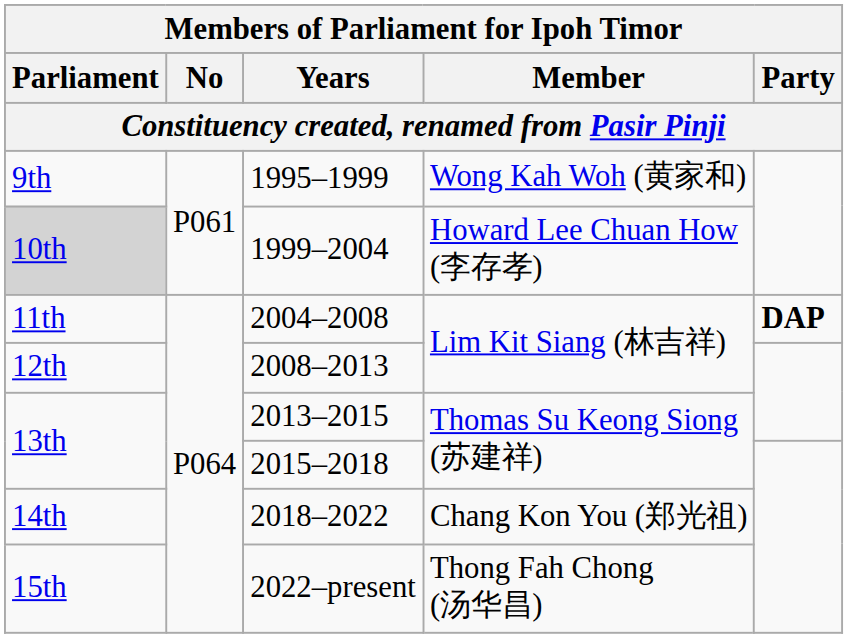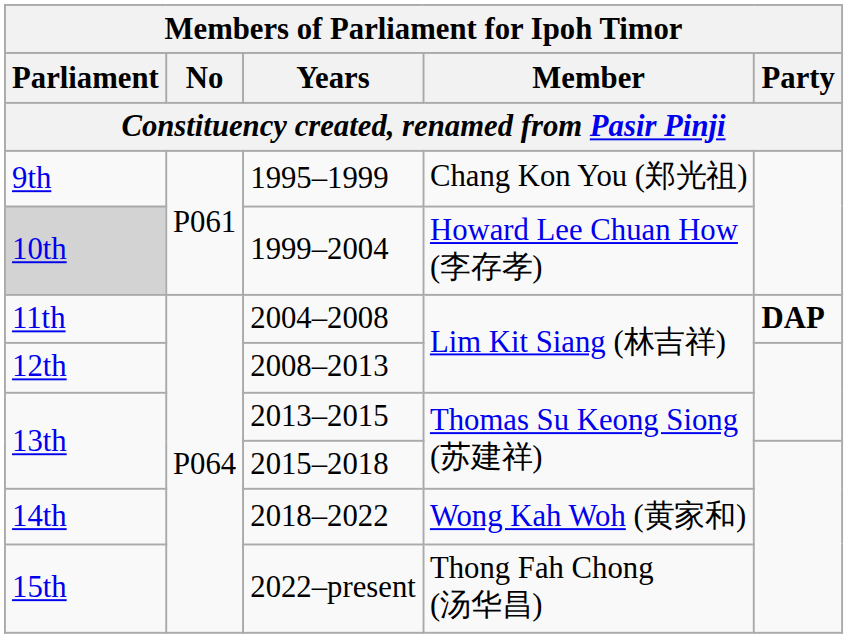 <table class=wikitable>
 <tr>
 <th colspan="5">Members of Parliament for Ipoh Timor</th>
 </tr>
 <tr>
 <th>Parliament</th>
 <th>No</th>
 <th>Years</th>
 <th>Member</th>
 <th>Party</th>
 </tr>
 <tr>
 <th colspan="5" align="center"><em>Constituency created, renamed from <a href='#'>Pasir Pinji</a></em></th>
 </tr>
 <tr>
 <td><a href='#'>9th</a></td>
 <td rowspan="2">P061</td>
 <td>1995–1999</td>
-<td><a href='#'>Wong Kah Woh</a> (黄家和)</td>
+<td>Chang Kon You (郑光祖)</td>
 <td rowspan="2"></td>
 </tr>
 <tr>
 <td style="background: lightgrey;"><a href='#'>10th</a></td>
 <td>1999–2004</td>
 <td><a href='#'>Howard Lee Chuan How</a> <br> (李存孝)</td>
 </tr>
 <tr>
 <td><a href='#'>11th</a></td>
 <td rowspan=6>P064</td>
 <td>2004–2008</td>
 <td rowspan=2><a href='#'>Lim Kit Siang</a> (林吉祥)</td>
 <td><strong>DAP</strong></td>
 </tr>
 <tr>
 <td><a href='#'>12th</a></td>
 <td>2008–2013</td>
 <td rowspan="2"></td>
 </tr>
 <tr>
 <td rowspan=2><a href='#'>13th</a></td>
 <td>2013–2015</td>
 <td rowspan=2><a href='#'>Thomas Su Keong Siong</a> <br> (苏建祥)</td>
 </tr>
 <tr>
 <td>2015–2018</td>
 <td rowspan=3></td>
 </tr>
 <tr>
 <td><a href='#'>14th</a></td>
 <td>2018–2022</td>
-<td>Chang Kon You (郑光祖)</td>
+<td><a href='#'>Wong Kah Woh</a> (黄家和)</td>
 </tr>
 <tr>
 <td><a href='#'>15th</a></td>
 <td>2022–present</td>
 <td>Thong Fah Chong  <br>(汤华昌)</td>
 </tr>
 </table>
